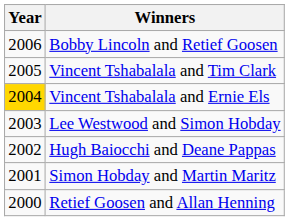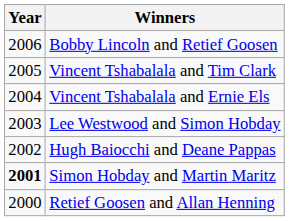 <table class=wikitable>
 <tr>
 <th>Year</th>
 <th>Winners</th>
 </tr>
 <tr>
 <td>2006</td>
 <td><a href='#'>Bobby Lincoln</a> and <a href='#'>Retief Goosen</a></td>
 </tr>
 <tr>
 <td>2005</td>
 <td><a href='#'>Vincent Tshabalala</a> and <a href='#'>Tim Clark</a></td>
 </tr>
 <tr>
-<td style="background: gold;">2004</td>
+<td>2004</td>
 <td><a href='#'>Vincent Tshabalala</a> and <a href='#'>Ernie Els</a></td>
 </tr>
 <tr>
 <td>2003</td>
 <td><a href='#'>Lee Westwood</a> and <a href='#'>Simon Hobday</a></td>
 </tr>
 <tr>
 <td>2002</td>
 <td><a href='#'>Hugh Baiocchi</a> and <a href='#'>Deane Pappas</a></td>
 </tr>
 <tr>
-<td>2001</td>
+<td><strong>2001</strong></td>
 <td><a href='#'>Simon Hobday</a> and <a href='#'>Martin Maritz</a></td>
 </tr>
 <tr>
 <td>2000</td>
 <td><a href='#'>Retief Goosen</a> and <a href='#'>Allan Henning</a></td>
 </tr>
 </table>
